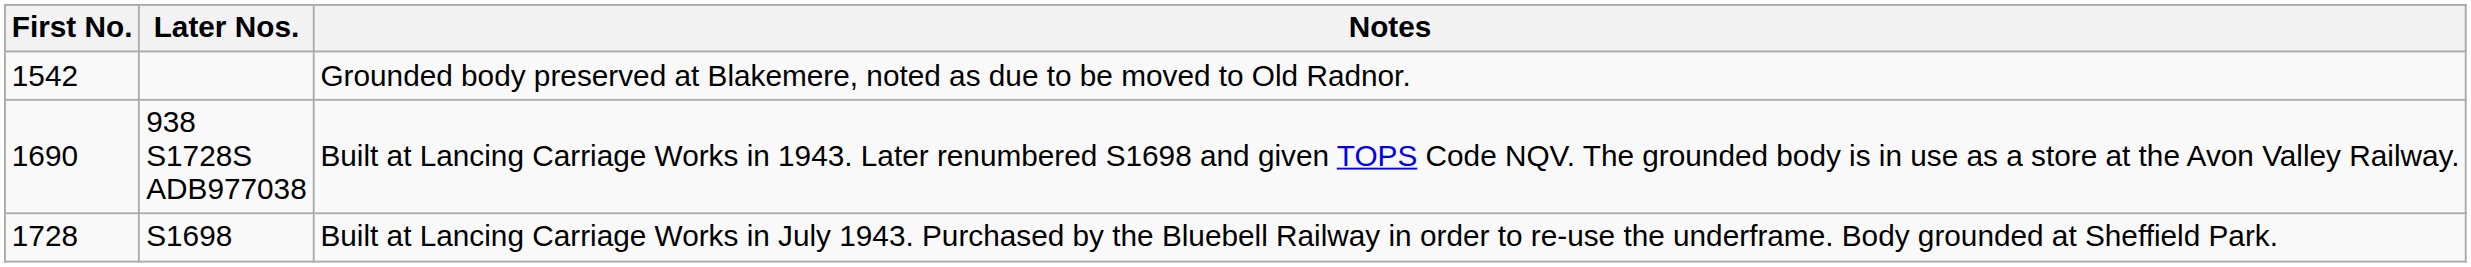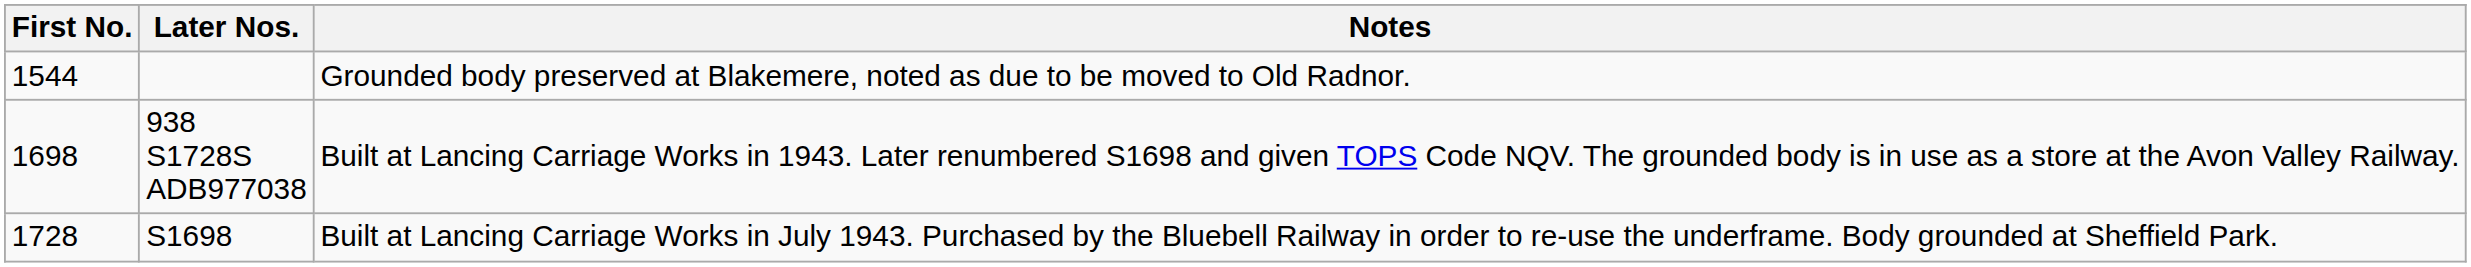 <table class="wikitable">
 <tr>
 <th>First No.</th>
 <th>Later Nos.</th>
 <th>Notes</th>
 </tr>
 <tr>
-<td>1542</td>
+<td>1544</td>
 <td></td>
 <td>Grounded body preserved at Blakemere, noted as due to be moved to Old Radnor.</td>
 </tr>
 <tr>
-<td>1690</td>
+<td>1698</td>
 <td>938<br>S1728S<br>ADB977038</td>
 <td>Built at Lancing Carriage Works in 1943. Later renumbered S1698 and given <a href='#'>TOPS</a> Code NQV. The grounded body is in use as a store at the Avon Valley Railway.</td>
 </tr>
 <tr>
 <td>1728</td>
 <td>S1698</td>
 <td>Built at Lancing Carriage Works in July 1943. Purchased by the Bluebell Railway in order to re-use the underframe. Body grounded at Sheffield Park.</td>
 </tr>
 </table>
